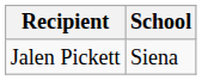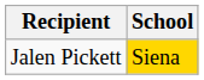 <table class="wikitable" border="1">
 <tr>
 <th>Recipient</th>
 <th>School</th>
 </tr>
 <tr>
 <td>Jalen Pickett</td>
-<td>Siena</td>
+<td style="background: gold;">Siena</td>
 </tr>
 </table>
